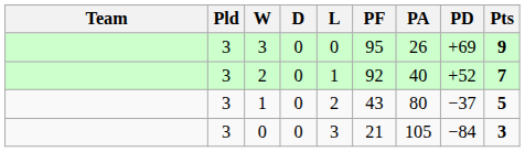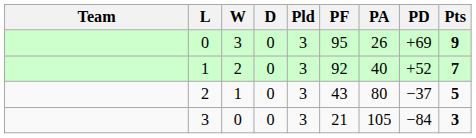 <table class="wikitable" style="text-align:center">
 <tr>
 <th width=175>Team</th>
-<th width=25 abbr="Played">Pld</th>
+<th width=25 abbr="Lost">L</th>
 <th width=25 abbr="Won">W</th>
 <th width=25 abbr="Drawn">D</th>
-<th width=25 abbr="Lost">L</th>
+<th width=25 abbr="Played">Pld</th>
 <th width=32 abbr="Points for">PF</th>
 <th width=32 abbr="Points against">PA</th>
 <th width=32 abbr="Points difference">PD</th>
 <th width=25 abbr="Points">Pts</th>
 </tr>
 <tr style="background:#cfc">
 <td align=left></td>
-<td>3</td>
+<td>0</td>
 <td>3</td>
 <td>0</td>
-<td>0</td>
+<td>3</td>
 <td>95</td>
 <td>26</td>
 <td>+69</td>
 <td><strong>9</strong></td>
 </tr>
 <tr style="background:#cfc">
 <td align=left></td>
-<td>3</td>
+<td>1</td>
 <td>2</td>
 <td>0</td>
-<td>1</td>
+<td>3</td>
 <td>92</td>
 <td>40</td>
 <td>+52</td>
 <td><strong>7</strong></td>
 </tr>
 <tr>
 <td align=left></td>
-<td>3</td>
+<td>2</td>
 <td>1</td>
 <td>0</td>
-<td>2</td>
+<td>3</td>
 <td>43</td>
 <td>80</td>
 <td>−37</td>
 <td><strong>5</strong></td>
 </tr>
 <tr>
 <td align=left></td>
 <td>3</td>
 <td>0</td>
 <td>0</td>
 <td>3</td>
 <td>21</td>
 <td>105</td>
 <td>−84</td>
 <td><strong>3</strong></td>
 </tr>
 </table>
